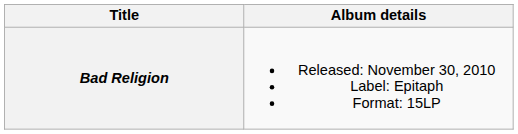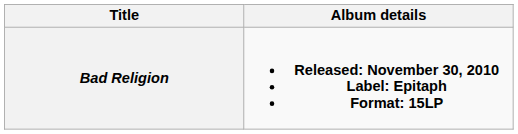 <table class="wikitable plainrowheaders" style="text-align:center;">
 <tr>
 <th scope="col" style="width:16em;">Title</th>
 <th scope="col" style="width:18em;">Album details</th>
 </tr>
 <tr>
 <th scope="row"><em>Bad Religion</em></th>
-<td><br><ul><li>Released: November 30, 2010</li><li>Label: Epitaph</li><li>Format: 15LP</li></ul></td>
+<td><strong><br><ul><li>Released: November 30, 2010</li><li>Label: Epitaph</li><li>Format: 15LP</li></ul></strong></td>
 </tr>
 </table>
